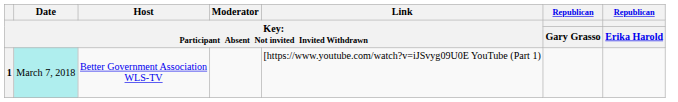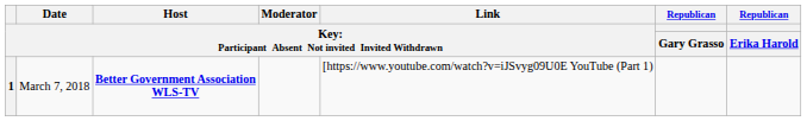 <table class="wikitable" style="text-align:center;">
 <tr>
 <th scope="col"></th>
 <th scope="col">Date</th>
 <th scope="col">Host</th>
 <th scope="col">Moderator</th>
 <th scope="col">Link</th>
 <th scope="col"><small><a href='#'>Republican</a></small></th>
 <th scope="col"><small><a href='#'>Republican</a></small></th>
 </tr>
 <tr>
 <th colspan="5" rowspan="2">Key:<br> <small>Participant </small>  <small>Absent </small>  <small>Not invited </small>  <small>Invited  Withdrawn</small></th>
 <th scope="col" style="background:"></th>
 <th scope="col" style="background:"></th>
 </tr>
 <tr>
 <th scope="col">Gary Grasso</th>
 <th scope="col"><a href='#'>Erika Harold</a></th>
 </tr>
 <tr>
 <th>1</th>
-<td style="background: paleturquoise; white-space:nowrap;">March 7, 2018</td>
-<td style="white-space:nowrap;"><a href='#'>Better Government Association</a><br><a href='#'>WLS-TV</a></td>
+<td style="white-space:nowrap;">March 7, 2018</td>
+<td style="white-space:nowrap;"><strong><a href='#'>Better Government Association</a><br><a href='#'>WLS-TV</a></strong></td>
 <td style="white-space:nowrap;"></td>
 <td style="white-space:nowrap;">[https://www.youtube.com/watch?v=iJSvyg09U0E YouTube (Part 1)<br><br><br><br></td>
 <td></td>
 <td></td>
 </tr>
 </table>
